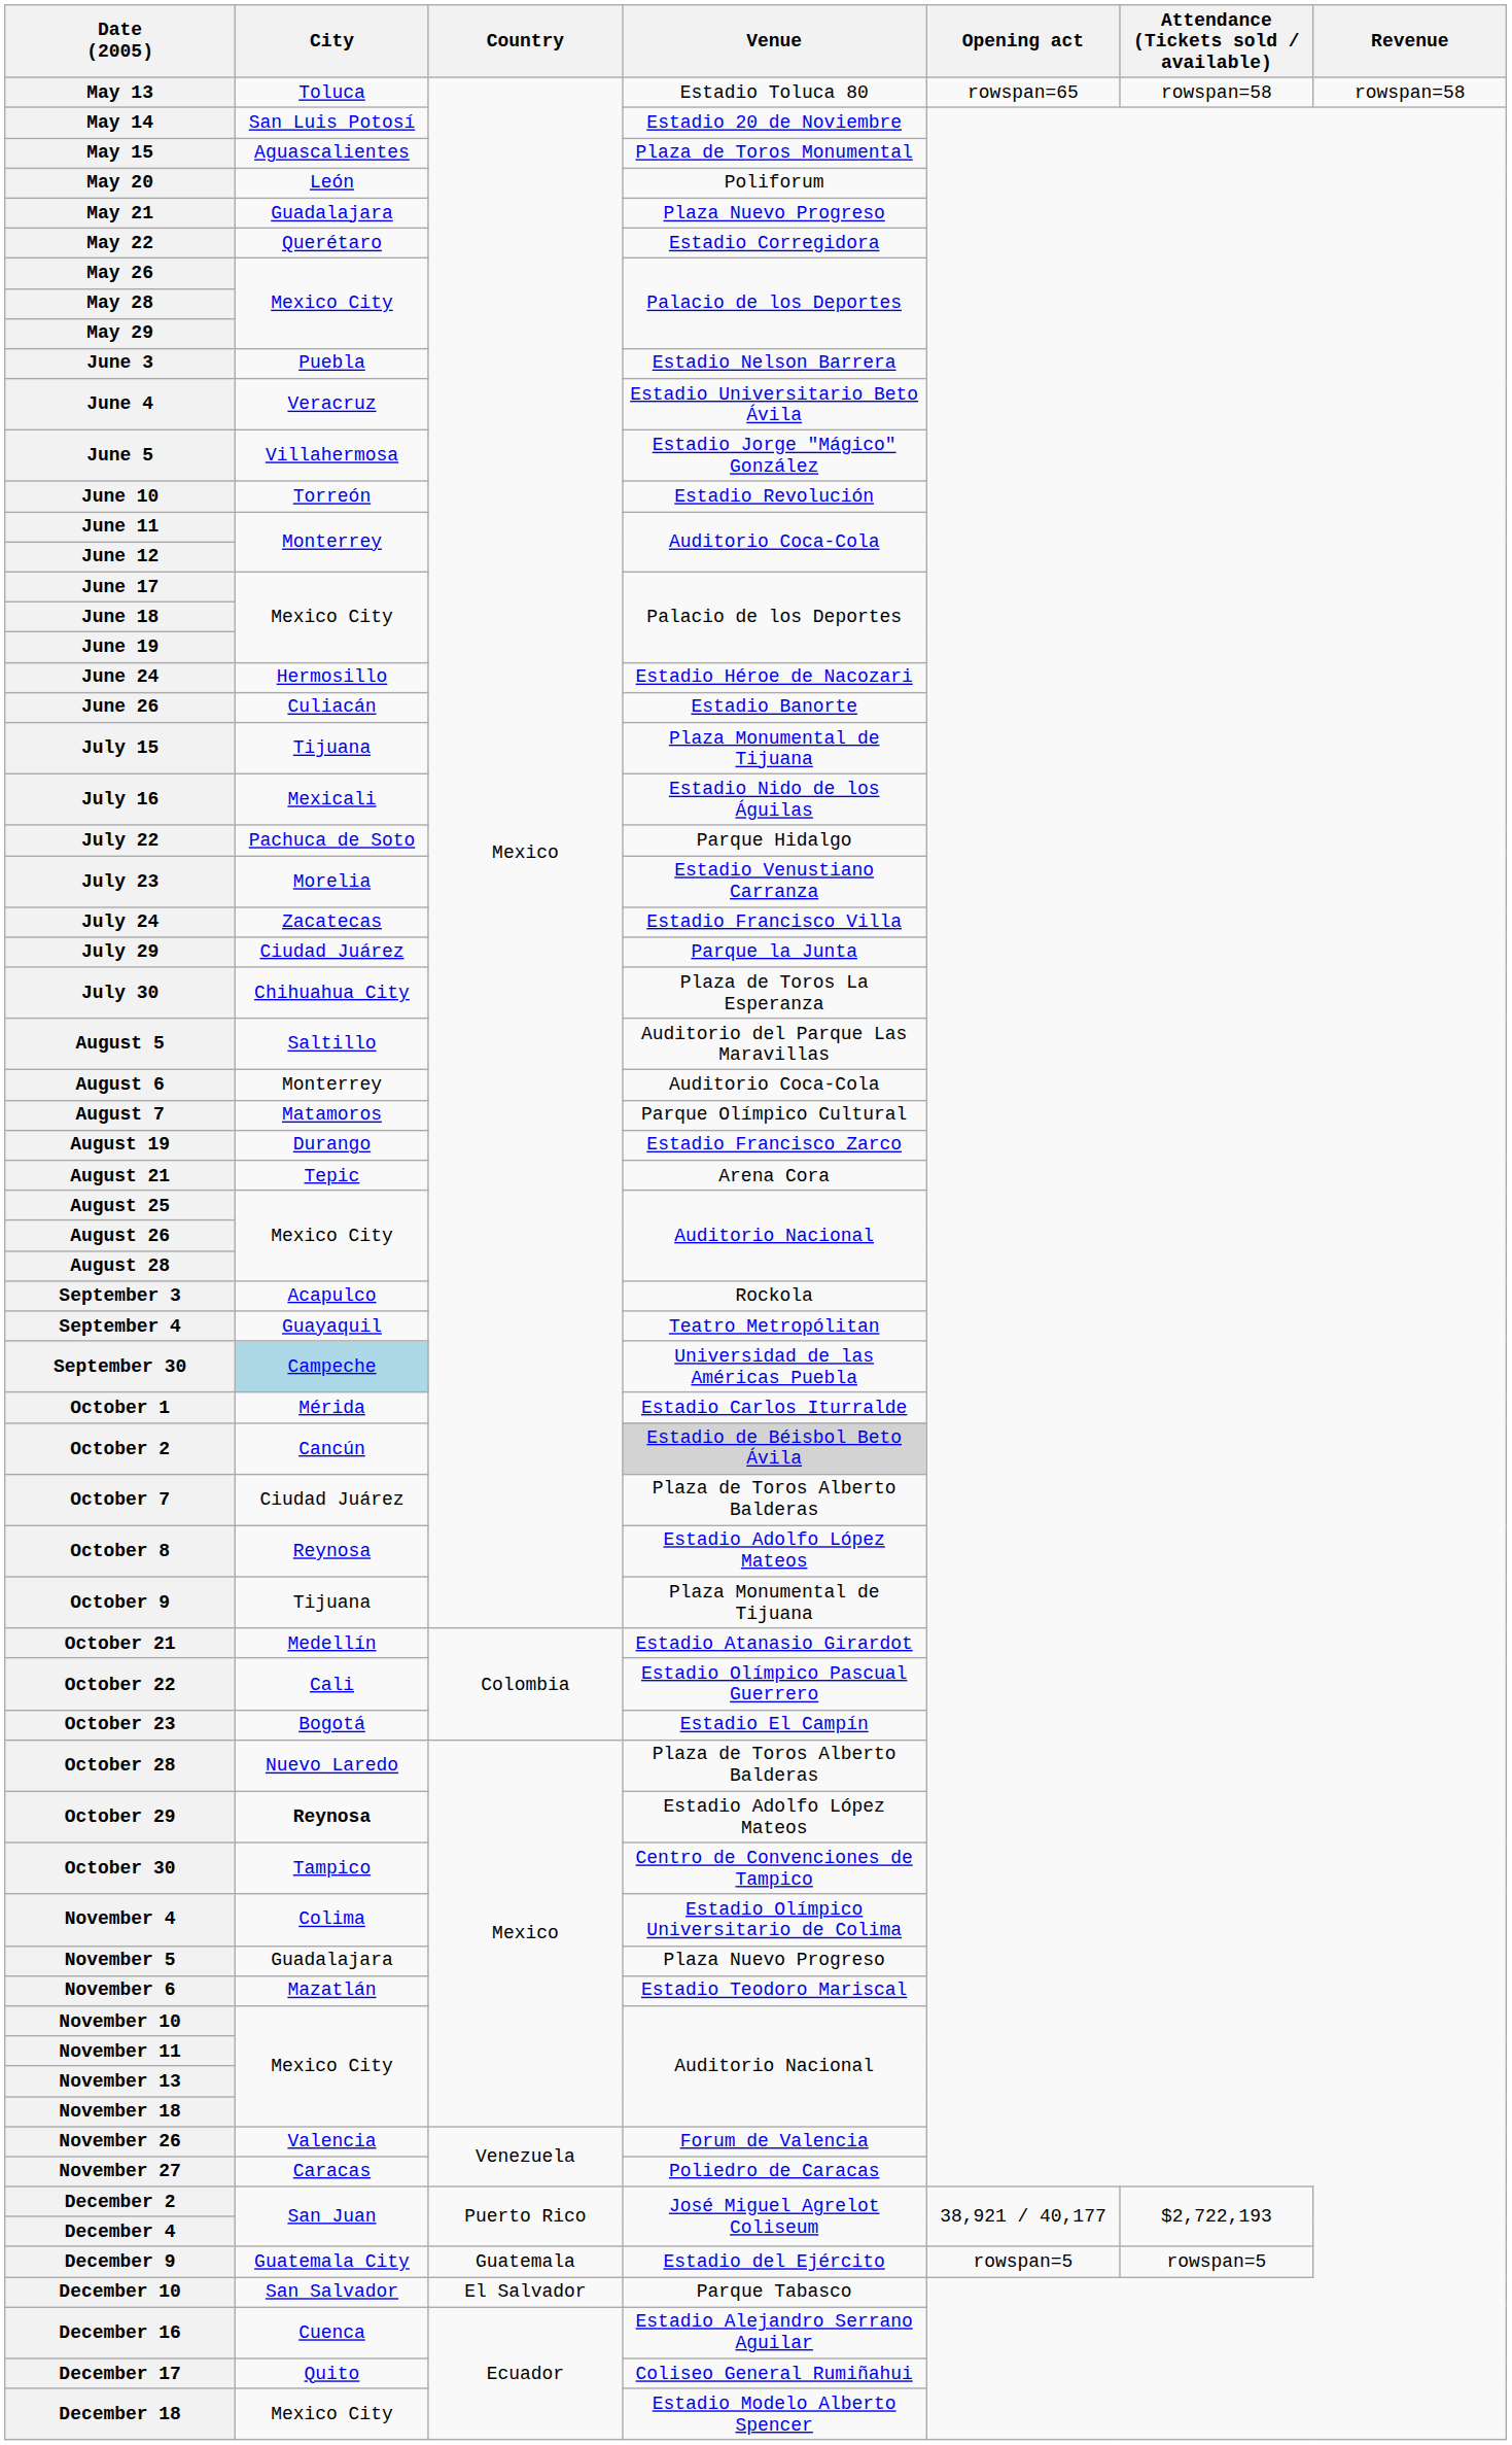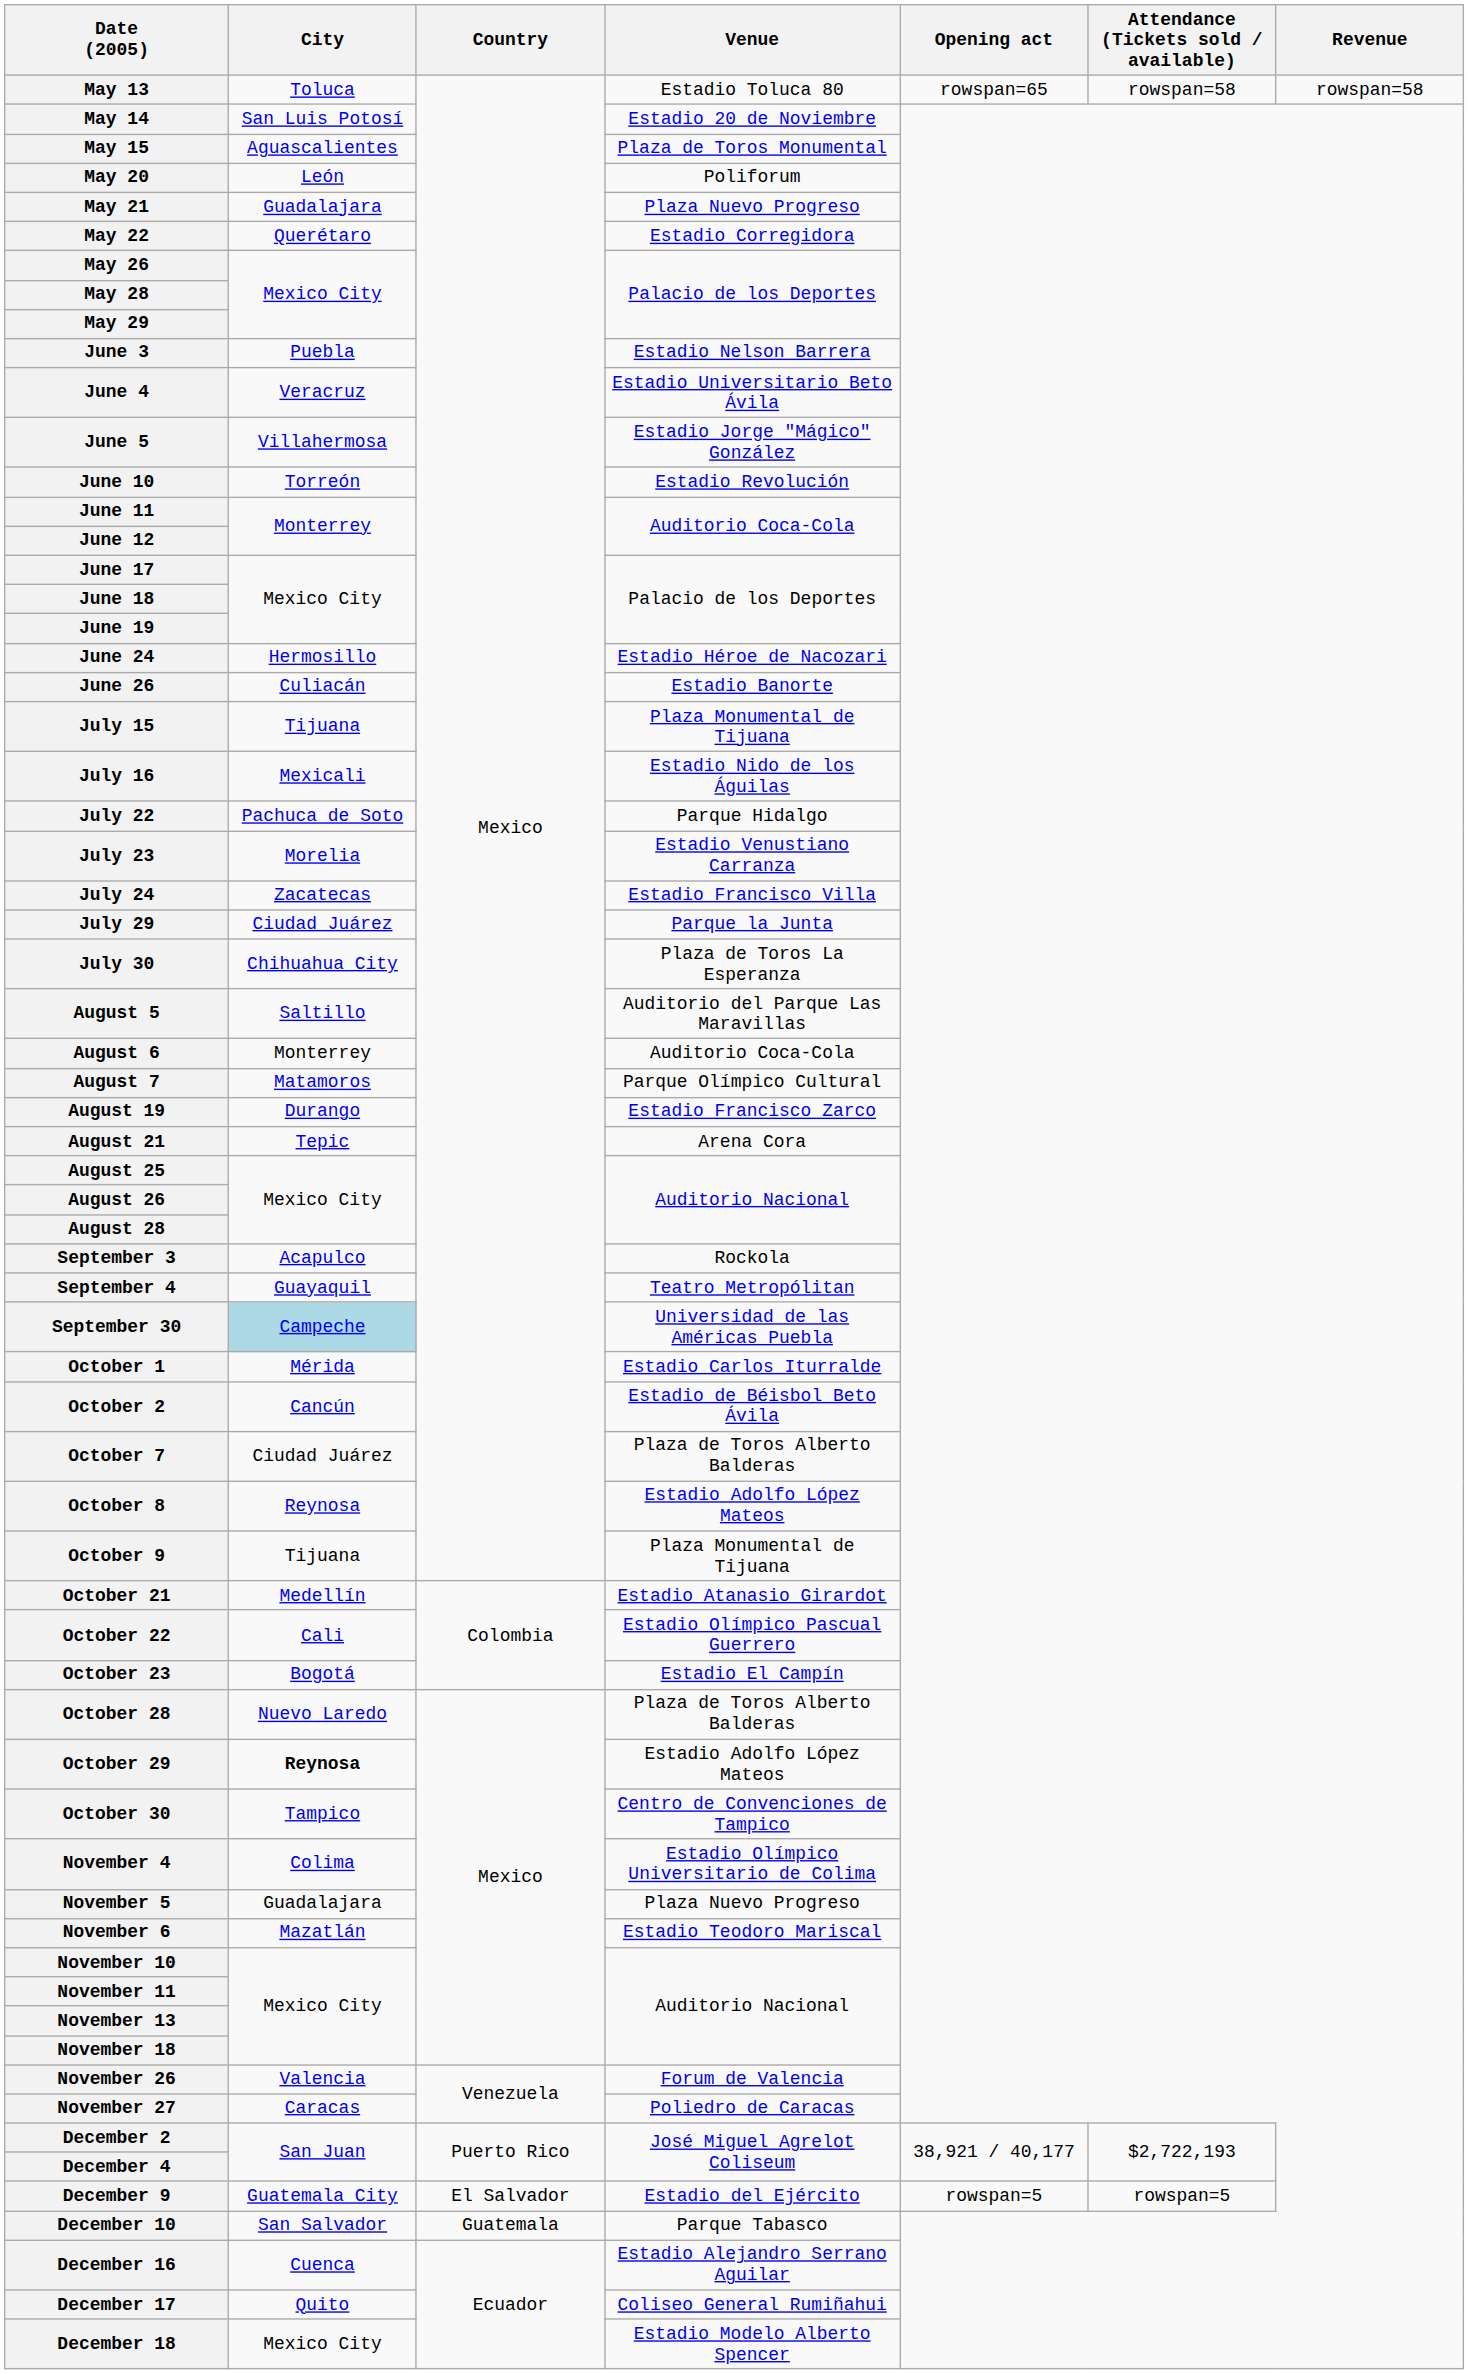 <table class="wikitable plainrowheaders" style="text-align:center;">
 <tr>
 <th scope="col" style="width:12em;">Date<br>(2005)</th>
 <th scope="col" style="width:10em;">City</th>
 <th scope="col" style="width:10em;">Country</th>
 <th scope="col" style="width:16em;">Venue</th>
 <th scope="col" style="width:10em;">Opening act</th>
 <th scope="col" style="width:10em;">Attendance <br>(Tickets sold / available)</th>
 <th scope="col" style="width:10em;">Revenue</th>
 </tr>
 <tr>
 <th scope="row" style="text-align:center;">May 13</th>
 <td><a href='#'>Toluca</a></td>
 <td rowspan=43>Mexico</td>
 <td>Estadio Toluca 80</td>
 <td>rowspan=65 </td>
 <td>rowspan=58 </td>
 <td>rowspan=58 </td>
 </tr>
 <tr>
 <th scope="row" style="text-align:center;">May 14</th>
 <td><a href='#'>San Luis Potosí</a></td>
 <td><a href='#'>Estadio 20 de Noviembre</a></td>
 </tr>
 <tr>
 <th scope="row" style="text-align:center;">May 15</th>
 <td><a href='#'>Aguascalientes</a></td>
 <td><a href='#'>Plaza de Toros Monumental</a></td>
 </tr>
 <tr>
 <th scope="row" style="text-align:center;">May 20</th>
 <td><a href='#'>León</a></td>
 <td>Poliforum</td>
 </tr>
 <tr>
 <th scope="row" style="text-align:center;">May 21</th>
 <td><a href='#'>Guadalajara</a></td>
 <td><a href='#'>Plaza Nuevo Progreso</a></td>
 </tr>
 <tr>
 <th scope="row" style="text-align:center;">May 22</th>
 <td><a href='#'>Querétaro</a></td>
 <td><a href='#'>Estadio Corregidora</a></td>
 </tr>
 <tr>
 <th scope="row" style="text-align:center;">May 26</th>
 <td rowspan=3><a href='#'>Mexico City</a></td>
 <td rowspan=3><a href='#'>Palacio de los Deportes</a></td>
 </tr>
 <tr>
 <th scope="row" style="text-align:center;">May 28</th>
 </tr>
 <tr>
 <th scope="row" style="text-align:center;">May 29</th>
 </tr>
 <tr>
 <th scope="row" style="text-align:center;">June 3</th>
 <td><a href='#'>Puebla</a></td>
 <td><a href='#'>Estadio Nelson Barrera</a></td>
 </tr>
 <tr>
 <th scope="row" style="text-align:center;">June 4</th>
 <td><a href='#'>Veracruz</a></td>
 <td><a href='#'>Estadio Universitario Beto Ávila</a></td>
 </tr>
 <tr>
 <th scope="row" style="text-align:center;">June 5</th>
 <td><a href='#'>Villahermosa</a></td>
 <td><a href='#'>Estadio Jorge "Mágico" González</a></td>
 </tr>
 <tr>
 <th scope="row" style="text-align:center;">June 10</th>
 <td><a href='#'>Torreón</a></td>
 <td><a href='#'>Estadio Revolución</a></td>
 </tr>
 <tr>
 <th scope="row" style="text-align:center;">June 11</th>
 <td rowspan=2><a href='#'>Monterrey</a></td>
 <td rowspan=2><a href='#'>Auditorio Coca-Cola</a></td>
 </tr>
 <tr>
 <th scope="row" style="text-align:center;">June 12</th>
 </tr>
 <tr>
 <th scope="row" style="text-align:center;">June 17</th>
 <td rowspan=3>Mexico City</td>
 <td rowspan=3>Palacio de los Deportes</td>
 </tr>
 <tr>
 <th scope="row" style="text-align:center;">June 18</th>
 </tr>
 <tr>
 <th scope="row" style="text-align:center;">June 19</th>
 </tr>
 <tr>
 <th scope="row" style="text-align:center;">June 24</th>
 <td><a href='#'>Hermosillo</a></td>
 <td><a href='#'>Estadio Héroe de Nacozari</a></td>
 </tr>
 <tr>
 <th scope="row" style="text-align:center;">June 26</th>
 <td><a href='#'>Culiacán</a></td>
 <td><a href='#'>Estadio Banorte</a></td>
 </tr>
 <tr>
 <th scope="row" style="text-align:center;">July 15</th>
 <td><a href='#'>Tijuana</a></td>
 <td><a href='#'>Plaza Monumental de Tijuana</a></td>
 </tr>
 <tr>
 <th scope="row" style="text-align:center;">July 16</th>
 <td><a href='#'>Mexicali</a></td>
 <td><a href='#'>Estadio Nido de los Águilas</a></td>
 </tr>
 <tr>
 <th scope="row" style="text-align:center;">July 22</th>
 <td><a href='#'>Pachuca de Soto</a></td>
 <td>Parque Hidalgo</td>
 </tr>
 <tr>
 <th scope="row" style="text-align:center;">July 23</th>
 <td><a href='#'>Morelia</a></td>
 <td><a href='#'>Estadio Venustiano Carranza</a></td>
 </tr>
 <tr>
 <th scope="row" style="text-align:center;">July 24</th>
 <td><a href='#'>Zacatecas</a></td>
 <td><a href='#'>Estadio Francisco Villa</a></td>
 </tr>
 <tr>
 <th scope="row" style="text-align:center;">July 29</th>
 <td><a href='#'>Ciudad Juárez</a></td>
 <td><a href='#'>Parque la Junta</a></td>
 </tr>
 <tr>
 <th scope="row" style="text-align:center;">July 30</th>
 <td><a href='#'>Chihuahua City</a></td>
 <td>Plaza de Toros La Esperanza</td>
 </tr>
 <tr>
 <th scope="row" style="text-align:center;">August 5</th>
 <td><a href='#'>Saltillo</a></td>
 <td>Auditorio del Parque Las Maravillas</td>
 </tr>
 <tr>
 <th scope="row" style="text-align:center;">August 6</th>
 <td>Monterrey</td>
 <td>Auditorio Coca-Cola</td>
 </tr>
 <tr>
 <th scope="row" style="text-align:center;">August 7</th>
 <td><a href='#'>Matamoros</a></td>
 <td>Parque Olímpico Cultural</td>
 </tr>
 <tr>
 <th scope="row" style="text-align:center;">August 19</th>
 <td><a href='#'>Durango</a></td>
 <td><a href='#'>Estadio Francisco Zarco</a></td>
 </tr>
 <tr>
 <th scope="row" style="text-align:center;">August 21</th>
 <td><a href='#'>Tepic</a></td>
 <td>Arena Cora</td>
 </tr>
 <tr>
 <th scope="row" style="text-align:center;">August 25</th>
 <td rowspan=3>Mexico City</td>
 <td rowspan=3><a href='#'>Auditorio Nacional</a></td>
 </tr>
 <tr>
 <th scope="row" style="text-align:center;">August 26</th>
 </tr>
 <tr>
 <th scope="row" style="text-align:center;">August 28</th>
 </tr>
 <tr>
 <th scope="row" style="text-align:center;">September 3</th>
 <td><a href='#'>Acapulco</a></td>
 <td>Rockola</td>
 </tr>
 <tr>
 <th scope="row" style="text-align:center;">September 4</th>
 <td><a href='#'>Guayaquil</a></td>
 <td><a href='#'>Teatro Metropólitan</a></td>
 </tr>
 <tr>
 <th scope="row" style="text-align:center;">September 30</th>
 <td style="background: lightblue;"><a href='#'>Campeche</a></td>
 <td><a href='#'>Universidad de las Américas Puebla</a></td>
 </tr>
 <tr>
 <th scope="row" style="text-align:center;">October 1</th>
 <td><a href='#'>Mérida</a></td>
 <td><a href='#'>Estadio Carlos Iturralde</a></td>
 </tr>
 <tr>
 <th scope="row" style="text-align:center;">October 2</th>
 <td><a href='#'>Cancún</a></td>
-<td style="background: lightgrey;"><a href='#'>Estadio de Béisbol Beto Ávila</a></td>
+<td><a href='#'>Estadio de Béisbol Beto Ávila</a></td>
 </tr>
 <tr>
 <th scope="row" style="text-align:center;">October 7</th>
 <td>Ciudad Juárez</td>
 <td>Plaza de Toros Alberto Balderas</td>
 </tr>
 <tr>
 <th scope="row" style="text-align:center;">October 8</th>
 <td><a href='#'>Reynosa</a></td>
 <td><a href='#'>Estadio Adolfo López Mateos</a></td>
 </tr>
 <tr>
 <th scope="row" style="text-align:center;">October 9</th>
 <td>Tijuana</td>
 <td>Plaza Monumental de Tijuana</td>
 </tr>
 <tr>
 <th scope="row" style="text-align:center;">October 21</th>
 <td><a href='#'>Medellín</a></td>
 <td rowspan=3>Colombia</td>
 <td><a href='#'>Estadio Atanasio Girardot</a></td>
 </tr>
 <tr>
 <th scope="row" style="text-align:center;">October 22</th>
 <td><a href='#'>Cali</a></td>
 <td><a href='#'>Estadio Olímpico Pascual Guerrero</a></td>
 </tr>
 <tr>
 <th scope="row" style="text-align:center;">October 23</th>
 <td><a href='#'>Bogotá</a></td>
 <td><a href='#'>Estadio El Campín</a></td>
 </tr>
 <tr>
 <th scope="row" style="text-align:center;">October 28</th>
 <td><a href='#'>Nuevo Laredo</a></td>
 <td rowspan=10>Mexico</td>
 <td>Plaza de Toros Alberto Balderas</td>
 </tr>
 <tr>
 <th scope="row" style="text-align:center;">October 29</th>
 <td><strong>Reynosa</strong></td>
 <td>Estadio Adolfo López Mateos</td>
 </tr>
 <tr>
 <th scope="row" style="text-align:center;">October 30</th>
 <td><a href='#'>Tampico</a></td>
 <td><a href='#'>Centro de Convenciones de Tampico</a></td>
 </tr>
 <tr>
 <th scope="row" style="text-align:center;">November 4</th>
 <td><a href='#'>Colima</a></td>
 <td><a href='#'>Estadio Olímpico Universitario de Colima</a></td>
 </tr>
 <tr>
 <th scope="row" style="text-align:center;">November 5</th>
 <td>Guadalajara</td>
 <td>Plaza Nuevo Progreso</td>
 </tr>
 <tr>
 <th scope="row" style="text-align:center;">November 6</th>
 <td><a href='#'>Mazatlán</a></td>
 <td><a href='#'>Estadio Teodoro Mariscal</a></td>
 </tr>
 <tr>
 <th scope="row" style="text-align:center;">November 10</th>
 <td rowspan=4>Mexico City</td>
 <td rowspan=4>Auditorio Nacional</td>
 </tr>
 <tr>
 <th scope="row" style="text-align:center;">November 11</th>
 </tr>
 <tr>
 <th scope="row" style="text-align:center;">November 13</th>
 </tr>
 <tr>
 <th scope="row" style="text-align:center;">November 18</th>
 </tr>
 <tr>
 <th scope="row" style="text-align:center;">November 26</th>
 <td><a href='#'>Valencia</a></td>
 <td rowspan=2>Venezuela</td>
 <td><a href='#'>Forum de Valencia</a></td>
 </tr>
 <tr>
 <th scope="row" style="text-align:center;">November 27</th>
 <td><a href='#'>Caracas</a></td>
 <td><a href='#'>Poliedro de Caracas</a></td>
 </tr>
 <tr>
 <th scope="row" style="text-align:center;">December 2</th>
 <td rowspan=2><a href='#'>San Juan</a></td>
 <td rowspan=2>Puerto Rico</td>
 <td rowspan=2><a href='#'>José Miguel Agrelot Coliseum</a></td>
 <td rowspan=2>38,921 / 40,177</td>
 <td rowspan=2>$2,722,193</td>
 </tr>
 <tr>
 <th scope="row" style="text-align:center;">December 4</th>
 </tr>
 <tr>
 <th scope="row" style="text-align:center;">December 9</th>
 <td><a href='#'>Guatemala City</a></td>
-<td>Guatemala</td>
+<td>El Salvador</td>
 <td><a href='#'>Estadio del Ejército</a></td>
 <td>rowspan=5 </td>
 <td>rowspan=5 </td>
 </tr>
 <tr>
 <th scope="row" style="text-align:center;">December 10</th>
 <td><a href='#'>San Salvador</a></td>
-<td>El Salvador</td>
+<td>Guatemala</td>
 <td>Parque Tabasco</td>
 </tr>
 <tr>
 <th scope="row" style="text-align:center;">December 16</th>
 <td><a href='#'>Cuenca</a></td>
 <td rowspan=3>Ecuador</td>
 <td><a href='#'>Estadio Alejandro Serrano Aguilar</a></td>
 </tr>
 <tr>
 <th scope="row" style="text-align:center;">December 17</th>
 <td><a href='#'>Quito</a></td>
 <td><a href='#'>Coliseo General Rumiñahui</a></td>
 </tr>
 <tr>
 <th scope="row" style="text-align:center;">December 18</th>
 <td>Mexico City</td>
 <td><a href='#'>Estadio Modelo Alberto Spencer</a></td>
 </tr>
 </table>
